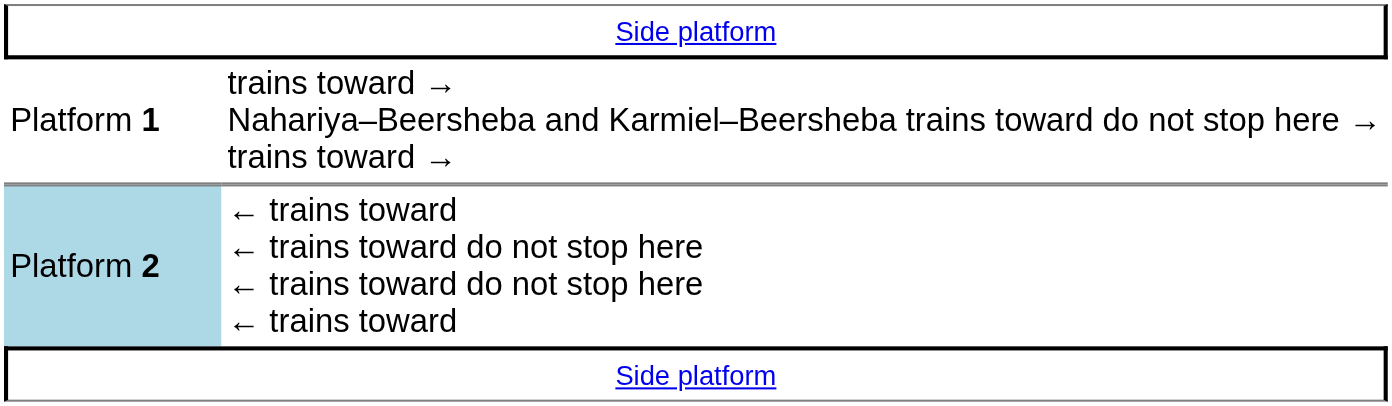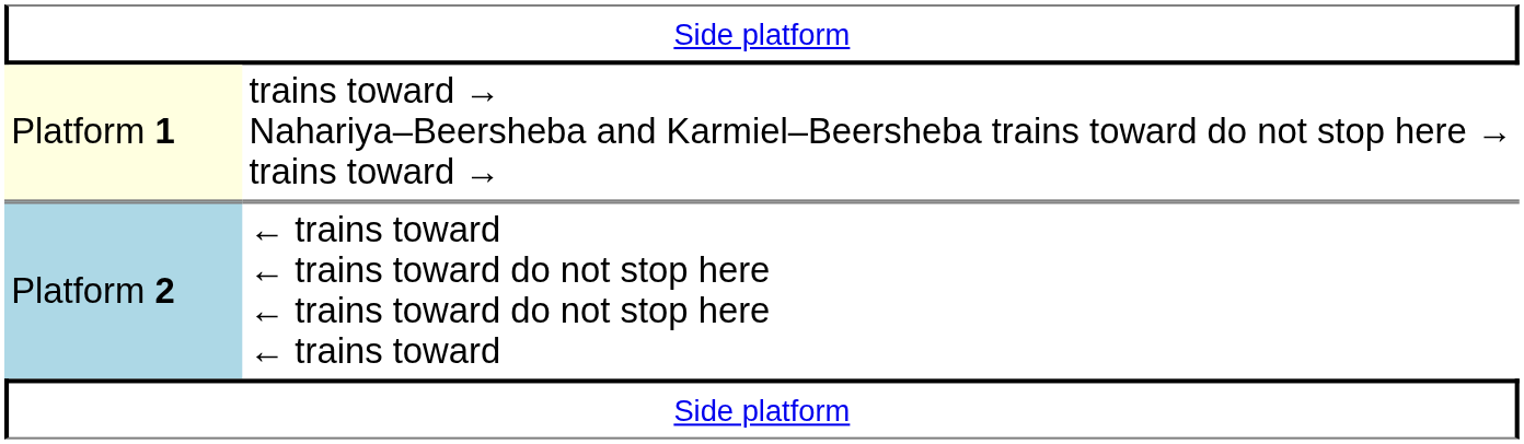 <table border=0 cellspacing=0 cellpadding=3>
 <tr>
 <td style="border-top:solid 1px gray;border-right:solid 2px black;border-left:solid 2px black;border-bottom:solid 2px black;text-align:center;" colspan=2><small><a href='#'>Side platform</a></small></td>
 </tr>
 <tr>
-<td style="border-bottom:solid 1px gray;" width=100>Platform <strong>1</strong></td>
+<td style="background: lightyellow; border-bottom:solid 1px gray;" width=100>Platform <strong>1</strong></td>
 <td style="border-bottom:solid 1px gray;">  trains toward   →<br>   Nahariya–Beersheba and Karmiel–Beersheba trains toward  do not stop here →<br>  trains toward   →</td>
 </tr>
 <tr>
 <td style="background: lightblue; border-top:solid 1px gray;">Platform <strong>2</strong></td>
 <td style="border-top:solid 1px gray;">←  trains toward   <br>←  trains toward  do not stop here <br>←  trains toward  do not stop here <br>←  trains toward  </td>
 </tr>
 <tr>
 <td style="border-top:solid 2px black;border-right:solid 2px black;border-left:solid 2px black;border-bottom:solid 1px gray;text-align:center;" colspan=2><small><a href='#'>Side platform</a></small></td>
 </tr>
 </table>
